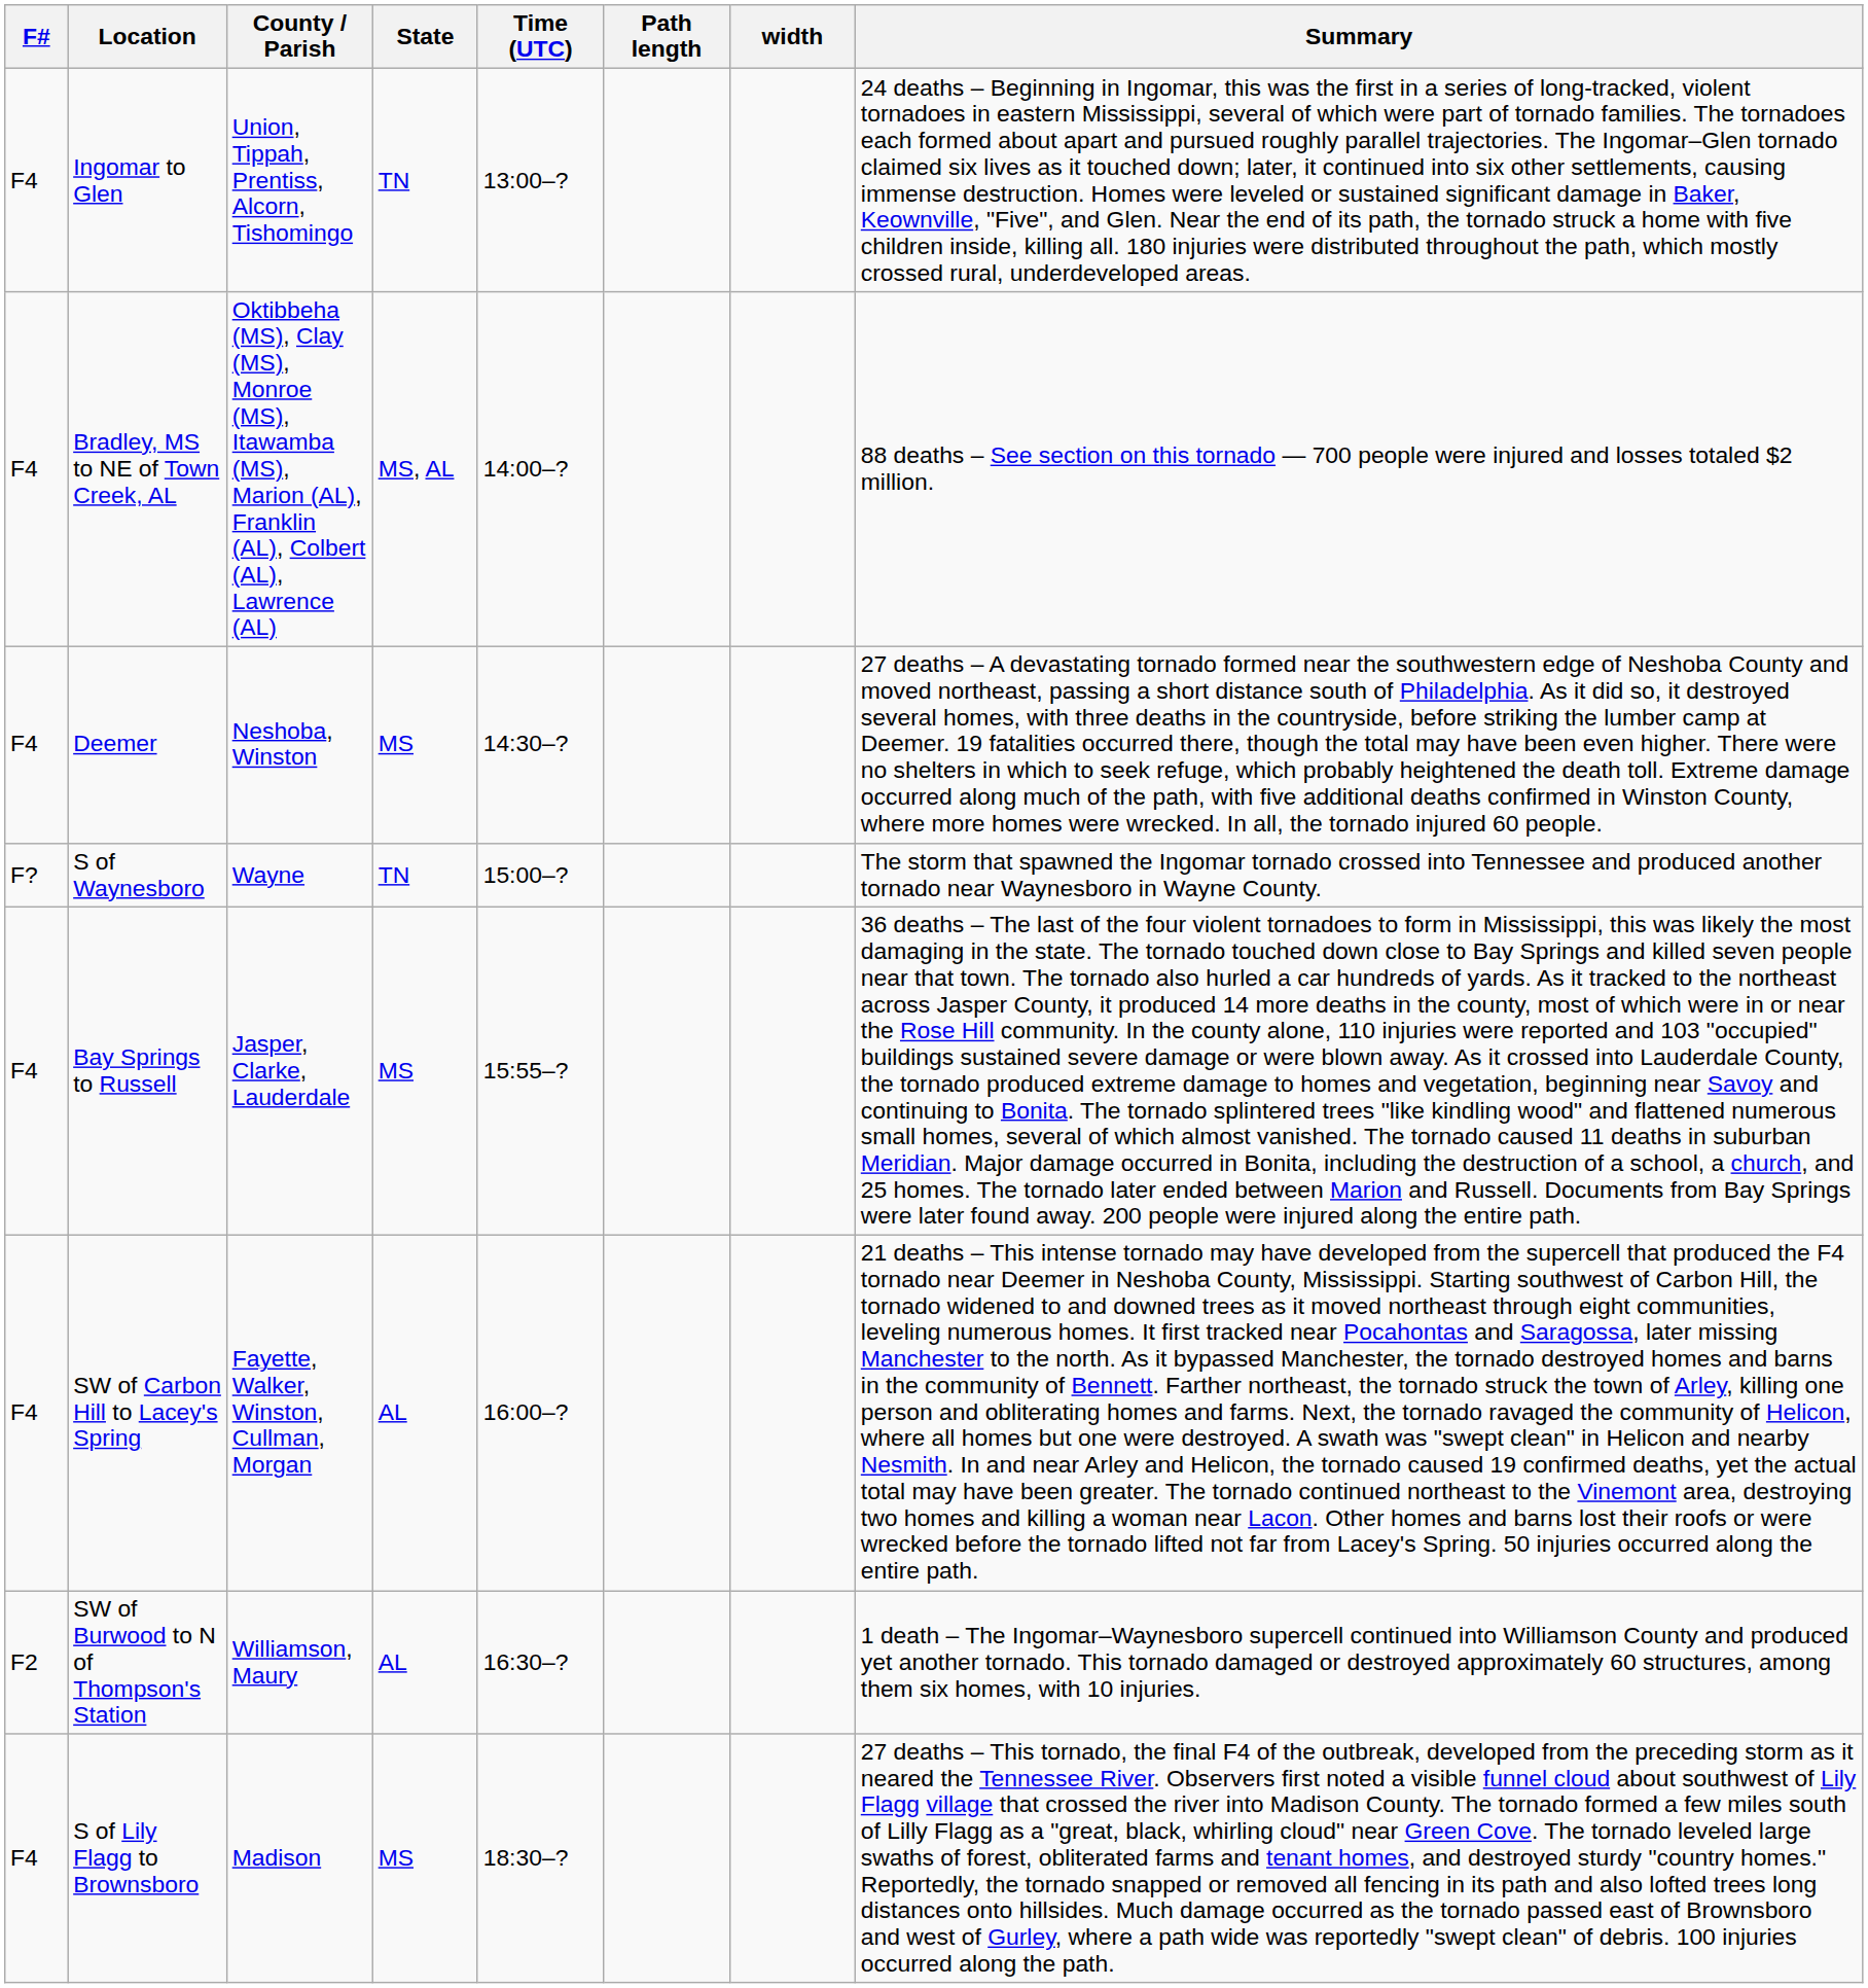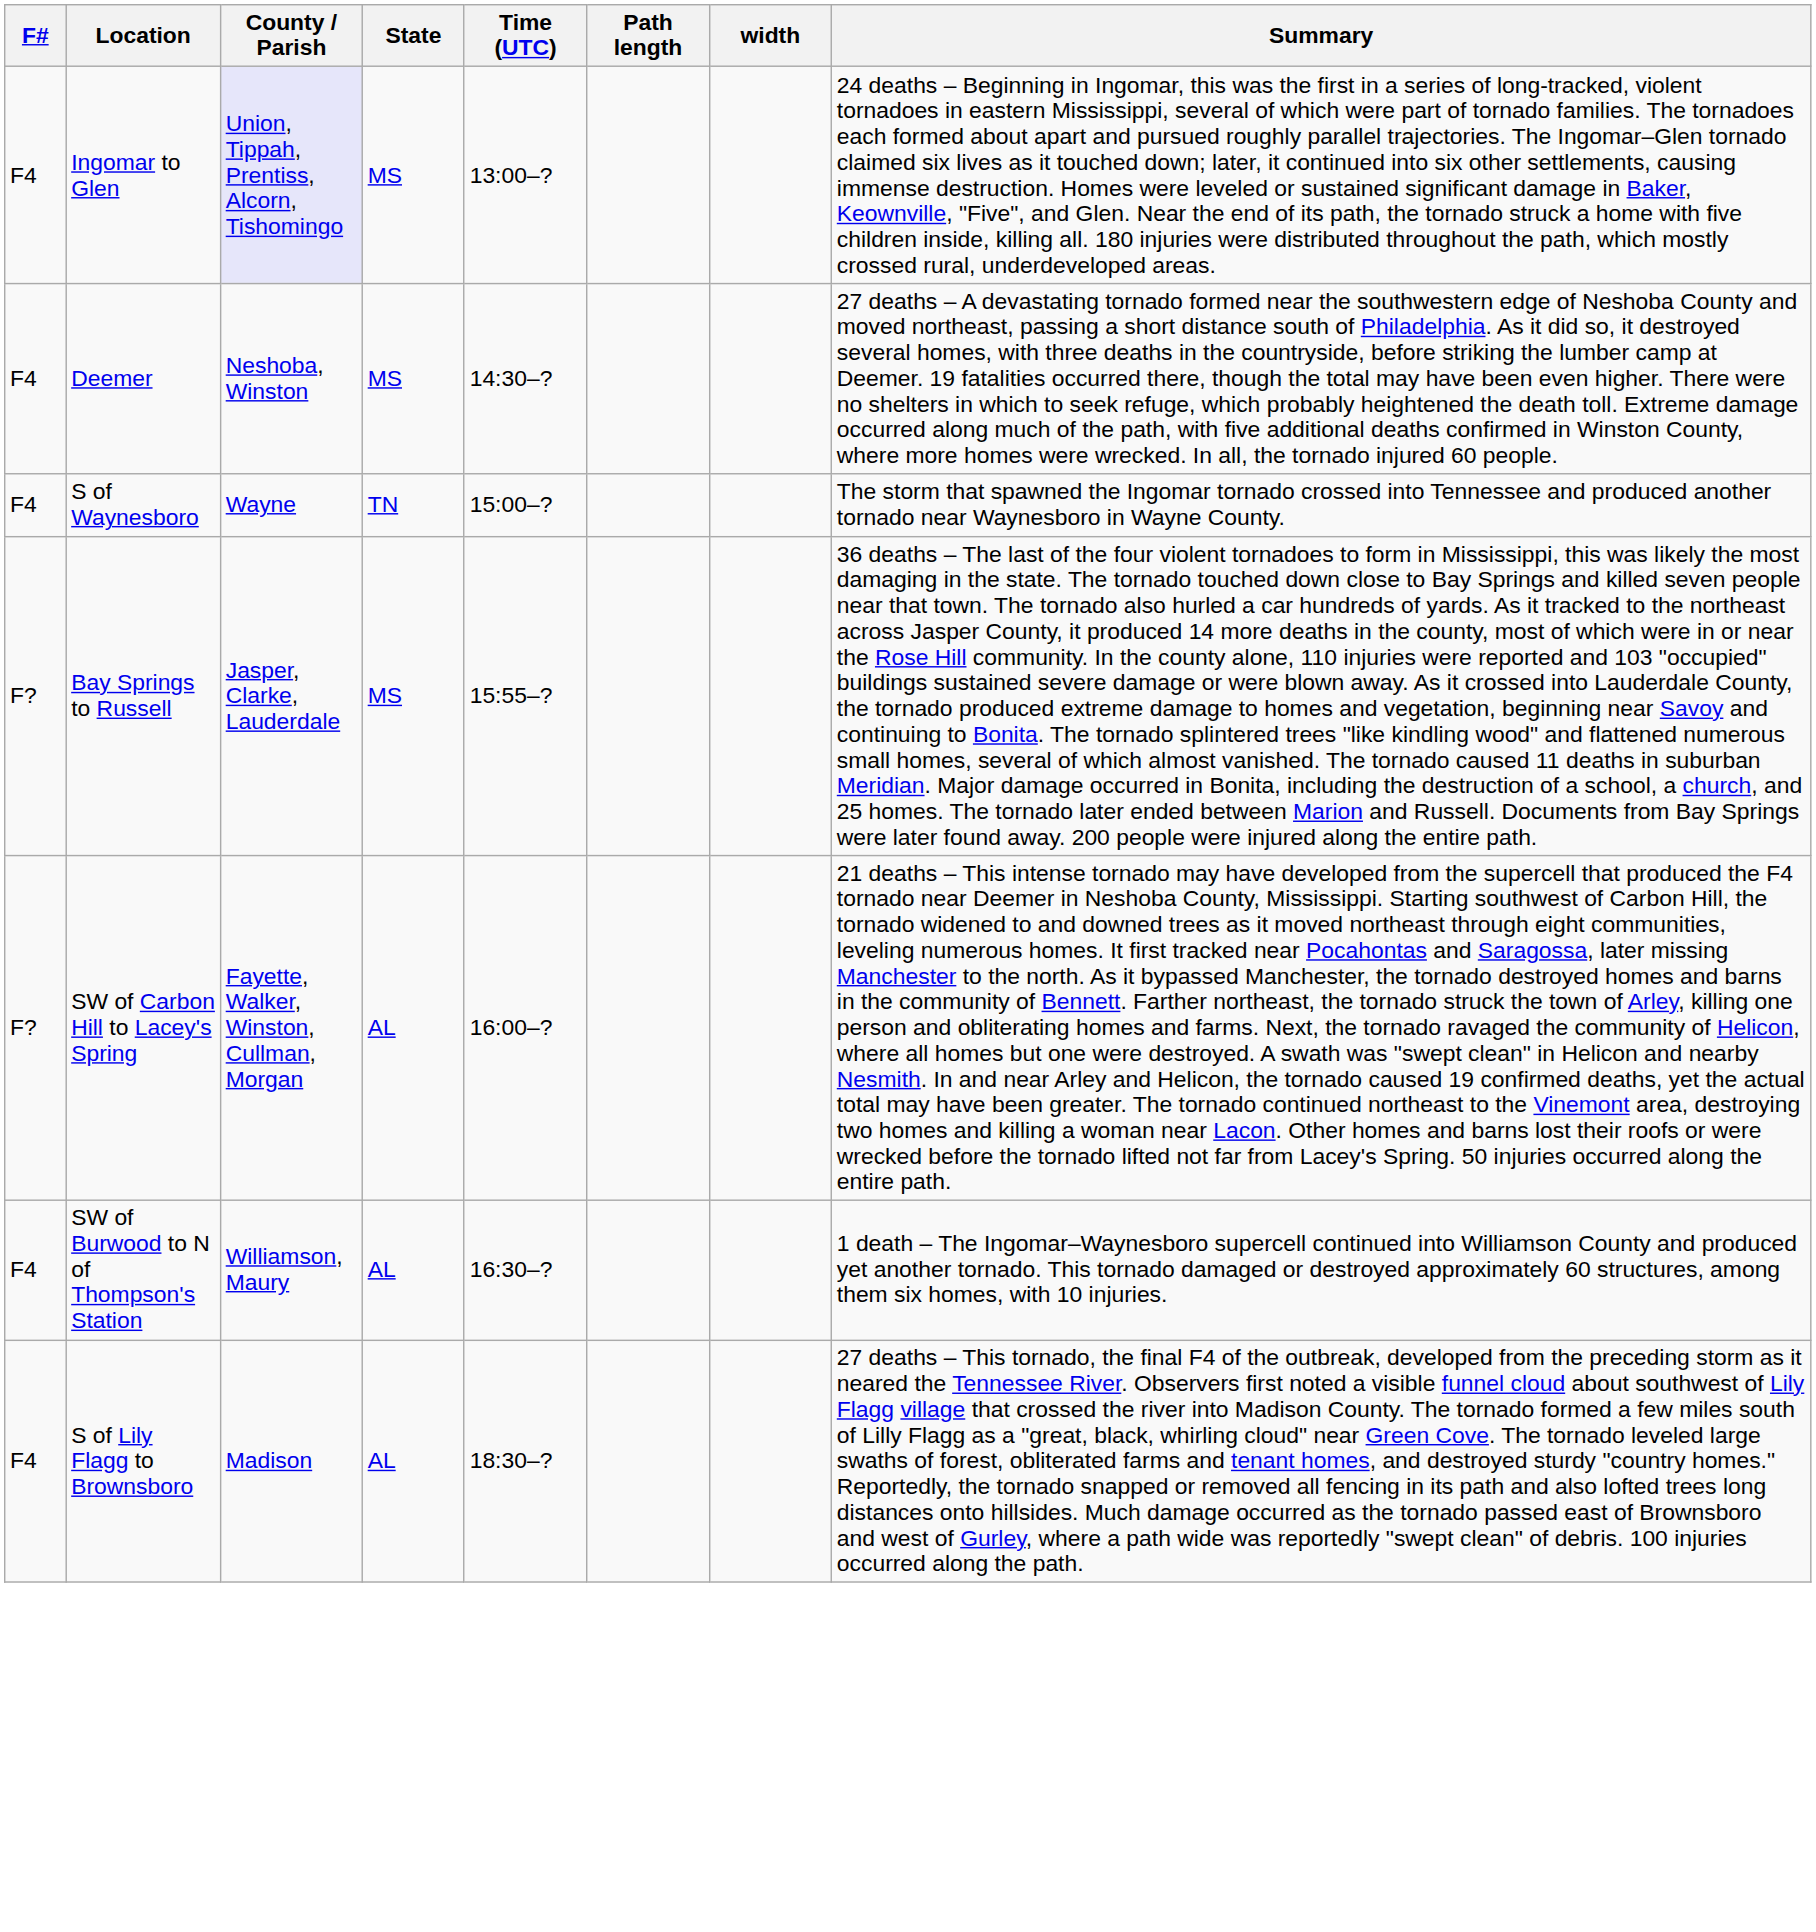 <table class="wikitable sortable" style="width:100%;">
 <tr>
 <th scope="col"  style="width:3%; text-align:center;"><a href='#'>F#</a></th>
 <th scope="col"  style="width:7%; text-align:center;" class="unsortable">Location</th>
 <th scope="col"  style="width:6%; text-align:center;" class="unsortable">County / Parish</th>
 <th scope="col"  style="width:5%; text-align:center;">State</th>
 <th scope="col"  style="width:6%; text-align:center;">Time (<a href='#'>UTC</a>)</th>
 <th scope="col"  style="width:6%; text-align:center;">Path length</th>
 <th scope="col"  style="width:6%; text-align:center;"> width</th>
 <th scope="col" class="unsortable" style="width:48%; text-align:center;">Summary</th>
 </tr>
 <tr>
 <td>F4</td>
 <td><a href='#'>Ingomar</a> to <a href='#'>Glen</a></td>
-<td><a href='#'>Union</a>, <a href='#'>Tippah</a>, <a href='#'>Prentiss</a>, <a href='#'>Alcorn</a>, <a href='#'>Tishomingo</a></td>
-<td><a href='#'>TN</a></td>
+<td style="background: lavender;"><a href='#'>Union</a>, <a href='#'>Tippah</a>, <a href='#'>Prentiss</a>, <a href='#'>Alcorn</a>, <a href='#'>Tishomingo</a></td>
+<td><a href='#'>MS</a></td>
 <td>13:00–?</td>
 <td></td>
 <td></td>
 <td>24 deaths – Beginning in Ingomar, this was the first in a series of long-tracked, violent tornadoes in eastern Mississippi, several of which were part of tornado families. The tornadoes each formed about  apart and pursued roughly parallel trajectories. The Ingomar–Glen tornado claimed six lives as it touched down; later, it continued into six other settlements, causing immense destruction. Homes were leveled or sustained significant damage in <a href='#'>Baker</a>, <a href='#'>Keownville</a>, "Five", and Glen. Near the end of its path, the tornado struck a home with five children inside, killing all. 180 injuries were distributed throughout the path, which mostly crossed rural, underdeveloped areas.</td>
-</tr>
-<tr>
-<td>F4</td>
-<td><a href='#'>Bradley, MS</a> to NE of <a href='#'>Town Creek, AL</a></td>
-<td><a href='#'>Oktibbeha (MS)</a>, <a href='#'>Clay (MS)</a>, <a href='#'>Monroe (MS)</a>, <a href='#'>Itawamba (MS)</a>, <a href='#'>Marion (AL)</a>, <a href='#'>Franklin (AL)</a>, <a href='#'>Colbert (AL)</a>, <a href='#'>Lawrence (AL)</a></td>
-<td><a href='#'>MS</a>, <a href='#'>AL</a></td>
-<td>14:00–?</td>
-<td></td>
-<td></td>
-<td>88 deaths – <a href='#'>See section on this tornado</a> — 700 people were injured and losses totaled $2 million.</td>
 </tr>
 <tr>
 <td>F4</td>
 <td><a href='#'>Deemer</a></td>
 <td><a href='#'>Neshoba</a>, <a href='#'>Winston</a></td>
 <td><a href='#'>MS</a></td>
 <td>14:30–?</td>
 <td></td>
 <td></td>
 <td>27 deaths – A devastating tornado formed near the southwestern edge of Neshoba County and moved northeast, passing a short distance south of <a href='#'>Philadelphia</a>. As it did so, it destroyed several homes, with three deaths in the countryside, before striking the lumber camp at Deemer. 19 fatalities occurred there, though the total may have been even higher. There were no shelters in which to seek refuge, which probably heightened the death toll. Extreme damage occurred along much of the path, with five additional deaths confirmed in Winston County, where more homes were wrecked. In all, the tornado injured 60 people.</td>
 </tr>
 <tr>
-<td>F?</td>
+<td>F4</td>
 <td>S of <a href='#'>Waynesboro</a></td>
 <td><a href='#'>Wayne</a></td>
 <td><a href='#'>TN</a></td>
 <td>15:00–?</td>
 <td></td>
 <td></td>
 <td>The storm that spawned the Ingomar tornado crossed into Tennessee and produced another tornado near Waynesboro in Wayne County.</td>
 </tr>
 <tr>
-<td>F4</td>
+<td>F?</td>
 <td><a href='#'>Bay Springs</a> to <a href='#'>Russell</a></td>
 <td><a href='#'>Jasper</a>, <a href='#'>Clarke</a>, <a href='#'>Lauderdale</a></td>
 <td><a href='#'>MS</a></td>
 <td>15:55–?</td>
 <td></td>
 <td></td>
 <td>36 deaths – The last of the four violent tornadoes to form in Mississippi, this was likely the most damaging in the state. The tornado touched down close to Bay Springs and killed seven people near that town. The tornado also hurled a car hundreds of yards. As it tracked to the northeast across Jasper County, it produced 14 more deaths in the county, most of which were in or near the <a href='#'>Rose Hill</a> community. In the county alone, 110 injuries were reported and 103 "occupied" buildings sustained severe damage or were blown away. As it crossed into Lauderdale County, the tornado produced extreme damage to homes and vegetation, beginning near <a href='#'>Savoy</a> and continuing to <a href='#'>Bonita</a>. The tornado splintered trees "like kindling wood" and flattened numerous small homes, several of which almost vanished. The tornado caused 11 deaths in suburban <a href='#'>Meridian</a>. Major damage occurred in Bonita, including the destruction of a school, a <a href='#'>church</a>, and 25 homes. The tornado later ended between <a href='#'>Marion</a> and Russell. Documents from Bay Springs were later found  away. 200 people were injured along the entire path.</td>
 </tr>
 <tr>
-<td>F4</td>
+<td>F?</td>
 <td>SW of <a href='#'>Carbon Hill</a> to <a href='#'>Lacey's Spring</a></td>
 <td><a href='#'>Fayette</a>, <a href='#'>Walker</a>, <a href='#'>Winston</a>, <a href='#'>Cullman</a>, <a href='#'>Morgan</a></td>
 <td><a href='#'>AL</a></td>
 <td>16:00–?</td>
 <td></td>
 <td></td>
 <td>21 deaths – This intense tornado may have developed from the supercell that produced the F4 tornado near Deemer in Neshoba County, Mississippi. Starting southwest of Carbon Hill, the tornado widened to  and downed trees as it moved northeast through eight communities, leveling numerous homes. It first tracked near <a href='#'>Pocahontas</a> and <a href='#'>Saragossa</a>, later missing <a href='#'>Manchester</a> to the north. As it bypassed Manchester, the tornado destroyed homes and barns in the community of <a href='#'>Bennett</a>. Farther northeast, the tornado struck the town of <a href='#'>Arley</a>, killing one person and obliterating homes and farms. Next, the tornado ravaged the community of <a href='#'>Helicon</a>, where all homes but one were destroyed. A swath was "swept clean" in Helicon and nearby <a href='#'>Nesmith</a>. In and near Arley and Helicon, the tornado caused 19 confirmed deaths, yet the actual total may have been greater. The tornado continued northeast to the <a href='#'>Vinemont</a> area, destroying two homes and killing a woman near <a href='#'>Lacon</a>. Other homes and barns lost their roofs or were wrecked before the tornado lifted not far from Lacey's Spring. 50 injuries occurred along the entire path.</td>
 </tr>
 <tr>
-<td>F2</td>
+<td>F4</td>
 <td>SW of <a href='#'>Burwood</a> to N of <a href='#'>Thompson's Station</a></td>
 <td><a href='#'>Williamson</a>, <a href='#'>Maury</a></td>
 <td><a href='#'>AL</a></td>
 <td>16:30–?</td>
 <td></td>
 <td></td>
 <td>1 death – The Ingomar–Waynesboro supercell continued into Williamson County and produced yet another tornado. This tornado damaged or destroyed approximately 60 structures, among them six homes, with 10 injuries.</td>
 </tr>
 <tr>
 <td>F4</td>
 <td>S of <a href='#'>Lily Flagg</a> to <a href='#'>Brownsboro</a></td>
 <td><a href='#'>Madison</a></td>
-<td><a href='#'>MS</a></td>
+<td><a href='#'>AL</a></td>
 <td>18:30–?</td>
 <td></td>
 <td></td>
 <td>27 deaths – This tornado, the final F4 of the outbreak, developed from the preceding storm as it neared the <a href='#'>Tennessee River</a>. Observers first noted a visible <a href='#'>funnel cloud</a> about  southwest of <a href='#'>Lily Flagg</a> <a href='#'>village</a> that crossed the river into Madison County. The tornado formed a few miles south of Lilly Flagg as a "great, black, whirling cloud" near <a href='#'>Green Cove</a>. The tornado leveled large swaths of forest, obliterated farms and <a href='#'>tenant homes</a>, and destroyed sturdy "country homes." Reportedly, the tornado snapped or removed all fencing in its path and also lofted trees long distances onto hillsides. Much damage occurred as the tornado passed east of Brownsboro and west of <a href='#'>Gurley</a>, where a path  wide was reportedly "swept clean" of debris. 100 injuries occurred along the path.</td>
 </tr>
 </table>
